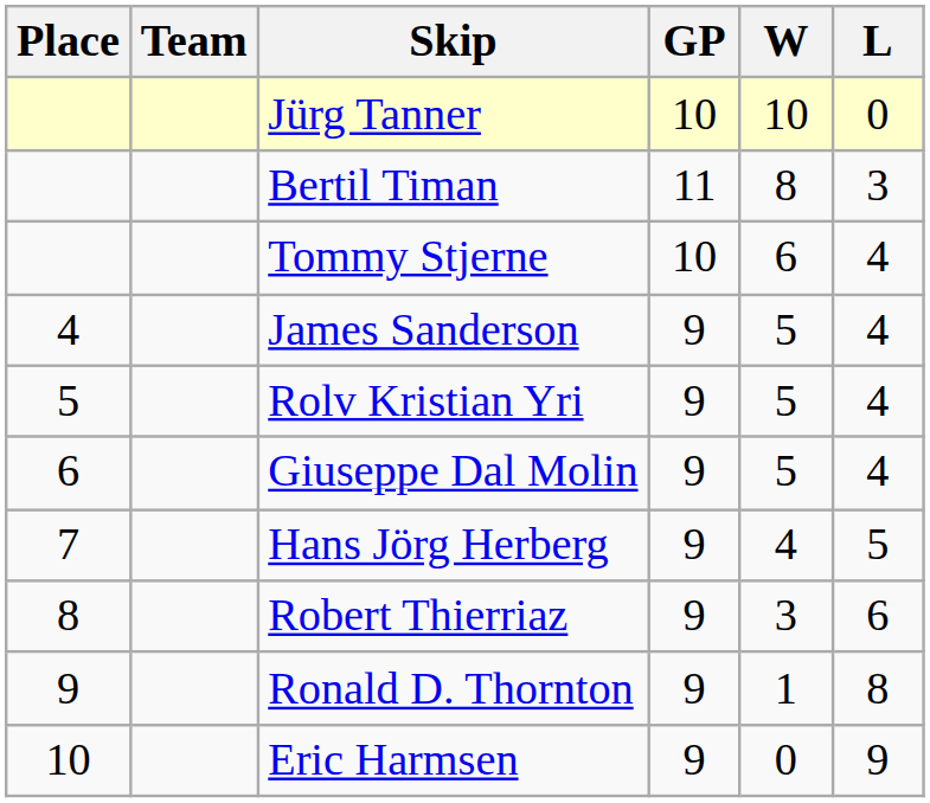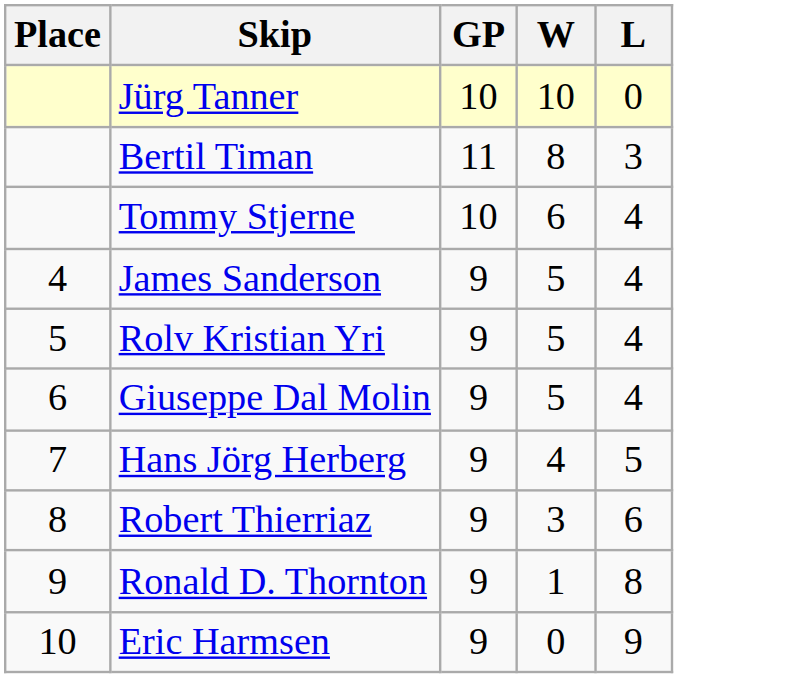 <table class="wikitable" style="text-align:center;">
 <tr>
 <th>Place</th>
-<th>Team</th>
 <th>Skip</th>
 <th width="25">GP</th>
 <th width="25">W</th>
 <th width="25">L</th>
 </tr>
 <tr bgcolor="#ffffcc">
 <td></td>
-<td align=left></td>
 <td align=left><a href='#'>Jürg Tanner</a></td>
 <td>10</td>
 <td>10</td>
 <td>0</td>
 </tr>
 <tr>
 <td></td>
-<td align=left></td>
 <td align=left><a href='#'>Bertil Timan</a></td>
 <td>11</td>
 <td>8</td>
 <td>3</td>
 </tr>
 <tr>
 <td></td>
-<td align=left></td>
 <td align=left><a href='#'>Tommy Stjerne</a></td>
 <td>10</td>
 <td>6</td>
 <td>4</td>
 </tr>
 <tr>
 <td>4</td>
-<td align=left></td>
 <td align=left><a href='#'>James Sanderson</a></td>
 <td>9</td>
 <td>5</td>
 <td>4</td>
 </tr>
 <tr>
 <td>5</td>
-<td align=left></td>
 <td align=left><a href='#'>Rolv Kristian Yri</a></td>
 <td>9</td>
 <td>5</td>
 <td>4</td>
 </tr>
 <tr>
 <td>6</td>
-<td align=left></td>
 <td align=left><a href='#'>Giuseppe Dal Molin</a></td>
 <td>9</td>
 <td>5</td>
 <td>4</td>
 </tr>
 <tr>
 <td>7</td>
-<td align=left></td>
 <td align=left><a href='#'>Hans Jörg Herberg</a></td>
 <td>9</td>
 <td>4</td>
 <td>5</td>
 </tr>
 <tr>
 <td>8</td>
-<td align=left></td>
 <td align=left><a href='#'>Robert Thierriaz</a></td>
 <td>9</td>
 <td>3</td>
 <td>6</td>
 </tr>
 <tr>
 <td>9</td>
-<td align=left></td>
 <td align=left><a href='#'>Ronald D. Thornton</a></td>
 <td>9</td>
 <td>1</td>
 <td>8</td>
 </tr>
 <tr>
 <td>10</td>
-<td align=left></td>
 <td align=left><a href='#'>Eric Harmsen</a></td>
 <td>9</td>
 <td>0</td>
 <td>9</td>
 </tr>
 </table>
